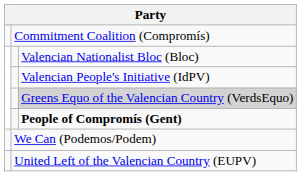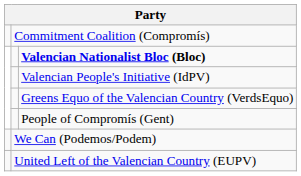 <table class="wikitable" style="text-align:left;">
 <tr>
 <th colspan="3">Party</th>
 </tr>
 <tr>
 <td width="1"></td>
 <td colspan="2"><a href='#'>Commitment Coalition</a> (Compromís)</td>
 </tr>
 <tr>
 <td rowspan="4" bgcolor="white"></td>
 <td width="1"></td>
-<td><a href='#'>Valencian Nationalist Bloc</a> (Bloc)</td>
+<td><strong><a href='#'>Valencian Nationalist Bloc</a> (Bloc)</strong></td>
 </tr>
 <tr>
 <td></td>
 <td><a href='#'>Valencian People's Initiative</a> (IdPV)</td>
 </tr>
 <tr>
 <td></td>
-<td style="background: lightgrey;"><a href='#'>Greens Equo of the Valencian Country</a> (VerdsEquo)</td>
+<td><a href='#'>Greens Equo of the Valencian Country</a> (VerdsEquo)</td>
 </tr>
 <tr>
 <td></td>
-<td><strong>People of Compromís (Gent)</strong></td>
+<td>People of Compromís (Gent)</td>
 </tr>
 <tr>
 <td></td>
 <td colspan="2"><a href='#'>We Can</a> (Podemos/Podem)</td>
 </tr>
 <tr>
 <td></td>
 <td colspan="2"><a href='#'>United Left of the Valencian Country</a> (EUPV)</td>
 </tr>
 </table>
